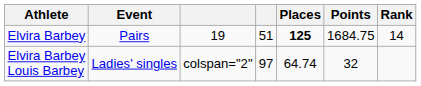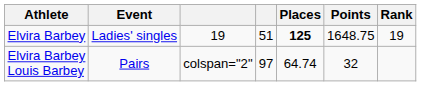 <table class="wikitable" border="1" style="font-size:90%">
 <tr>
 <th>Athlete</th>
 <th>Event</th>
 <th></th>
 <th></th>
 <th>Places</th>
 <th>Points</th>
 <th>Rank</th>
 </tr>
 <tr align=center>
 <td align=left><a href='#'>Elvira Barbey</a></td>
-<td><a href='#'>Pairs</a></td>
+<td><a href='#'>Ladies' singles</a></td>
 <td>19</td>
 <td>51</td>
 <td><strong>125</strong></td>
-<td>1684.75</td>
-<td>14</td>
+<td>1648.75</td>
+<td>19</td>
 </tr>
 <tr align=center>
 <td align=left><a href='#'>Elvira Barbey</a><br><a href='#'>Louis Barbey</a></td>
-<td><a href='#'>Ladies' singles</a></td>
+<td><a href='#'>Pairs</a></td>
 <td>colspan="2" </td>
 <td>97</td>
 <td>64.74</td>
 <td>32</td>
 </tr>
 </table>
